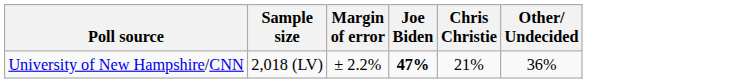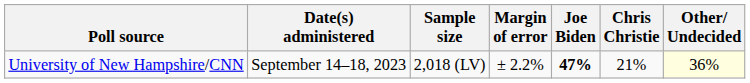 <table class="wikitable sortable mw-datatable" style="font-size:90%;text-align:center;line-height:17px">
 <tr valign=bottom>
 <th>Poll source</th>
+<th>Date(s)<br>administered</th>
 <th>Sample<br>size</th>
 <th>Margin<br>of error</th>
 <th class="unsortable">Joe<br>Biden<br></th>
 <th class="unsortable">Chris<br>Christie<br></th>
 <th class="unsortable">Other/<br>Undecided</th>
 </tr>
 <tr>
 <td style="text-align:left;"><a href='#'>University of New Hampshire</a>/<a href='#'>CNN</a></td>
+<td data-sort-value="2021-12-12">September 14–18, 2023</td>
 <td>2,018 (LV)</td>
 <td>± 2.2%</td>
 <td style="color:black;background-color:"><strong>47%</strong></td>
 <td>21%</td>
-<td>36%</td>
+<td style="background: lightyellow;">36%</td>
 </tr>
 </table>
